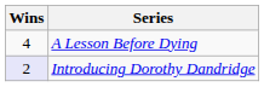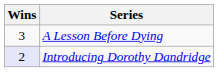 <table class="wikitable">
 <tr>
 <th>Wins</th>
 <th>Series</th>
 </tr>
 <tr>
-<td rowspan="1" style="text-align:center">4</td>
+<td rowspan="1" style="text-align:center">3</td>
 <td><em><a href='#'>A Lesson Before Dying</a></em></td>
 </tr>
 <tr>
 <td rowspan="1" style="background: lavender; text-align:center">2</td>
 <td><em><a href='#'>Introducing Dorothy Dandridge</a></em></td>
 </tr>
 </table>
